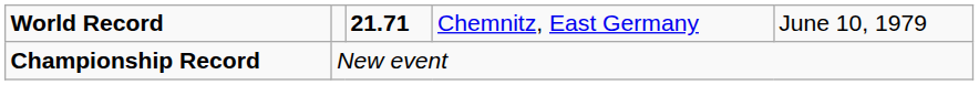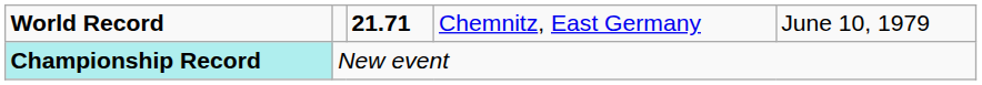 <table class="wikitable" width=75%>
 <tr>
 <td><strong>World Record</strong></td>
 <td></td>
 <td><strong>21.71</strong></td>
 <td><a href='#'>Chemnitz</a>, <a href='#'>East Germany</a></td>
 <td>June 10, 1979</td>
 </tr>
 <tr>
-<td><strong>Championship Record</strong></td>
+<td style="background: paleturquoise;"><strong>Championship Record</strong></td>
 <td colspan="4"><em>New event</em></td>
 </tr>
 </table>
